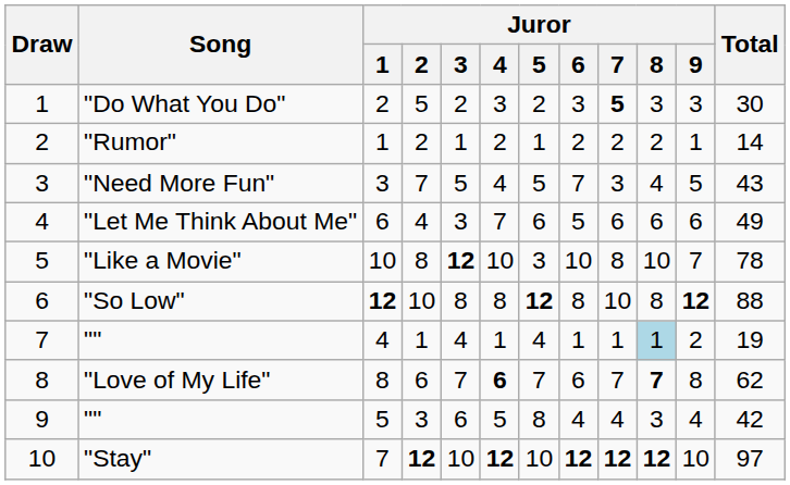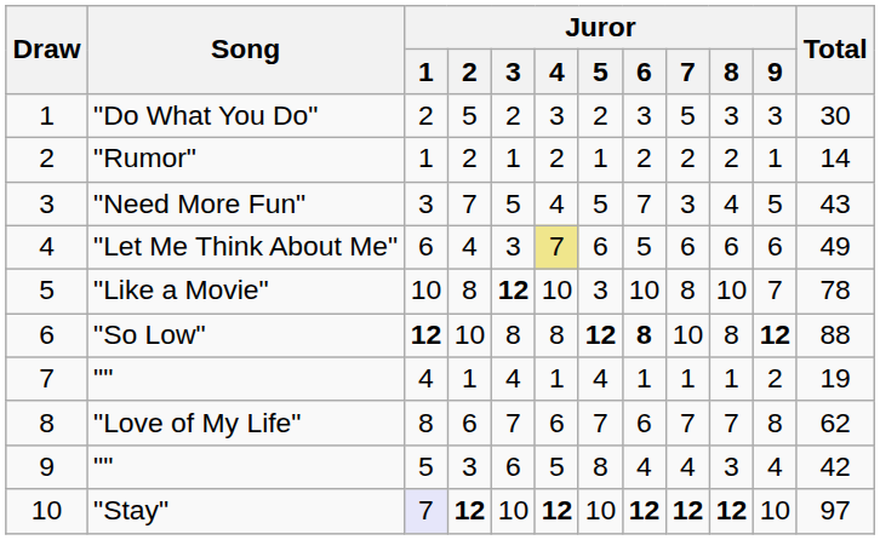 <table class="wikitable collapsible" style="margin: 1em auto 1em auto; text-align:center;">
 <tr>
 <th rowspan="2">Draw</th>
 <th rowspan="2">Song</th>
 <th colspan="9">Juror</th>
 <th rowspan="2">Total</th>
 </tr>
 <tr>
 <th>1</th>
 <th>2</th>
 <th>3</th>
 <th>4</th>
 <th>5</th>
 <th>6</th>
 <th>7</th>
 <th>8</th>
 <th>9</th>
 </tr>
 <tr>
 <td>1</td>
 <td align="left">"Do What You Do"</td>
 <td>2</td>
 <td>5</td>
 <td>2</td>
 <td>3</td>
 <td>2</td>
 <td>3</td>
-<td><strong>5</strong></td>
+<td>5</td>
 <td>3</td>
 <td>3</td>
 <td>30</td>
 </tr>
 <tr>
 <td>2</td>
 <td align="left">"Rumor"</td>
 <td>1</td>
 <td>2</td>
 <td>1</td>
 <td>2</td>
 <td>1</td>
 <td>2</td>
 <td>2</td>
 <td>2</td>
 <td>1</td>
 <td>14</td>
 </tr>
 <tr>
 <td>3</td>
 <td align="left">"Need More Fun"</td>
 <td>3</td>
 <td>7</td>
 <td>5</td>
 <td>4</td>
 <td>5</td>
 <td>7</td>
 <td>3</td>
 <td>4</td>
 <td>5</td>
 <td>43</td>
 </tr>
 <tr>
 <td>4</td>
 <td align="left">"Let Me Think About Me"</td>
 <td>6</td>
 <td>4</td>
 <td>3</td>
-<td>7</td>
+<td style="background: khaki;">7</td>
 <td>6</td>
 <td>5</td>
 <td>6</td>
 <td>6</td>
 <td>6</td>
 <td>49</td>
 </tr>
 <tr>
 <td>5</td>
 <td align="left">"Like a Movie"</td>
 <td>10</td>
 <td>8</td>
 <td><strong>12</strong></td>
 <td>10</td>
 <td>3</td>
 <td>10</td>
 <td>8</td>
 <td>10</td>
 <td>7</td>
 <td>78</td>
 </tr>
 <tr>
 <td>6</td>
 <td align="left">"So Low"</td>
 <td><strong>12</strong></td>
 <td>10</td>
 <td>8</td>
 <td>8</td>
 <td><strong>12</strong></td>
-<td>8</td>
+<td><strong>8</strong></td>
 <td>10</td>
 <td>8</td>
 <td><strong>12</strong></td>
 <td>88</td>
 </tr>
 <tr>
 <td>7</td>
 <td align="left">""</td>
 <td>4</td>
 <td>1</td>
 <td>4</td>
 <td>1</td>
 <td>4</td>
 <td>1</td>
 <td>1</td>
-<td style="background: lightblue;">1</td>
+<td>1</td>
 <td>2</td>
 <td>19</td>
 </tr>
 <tr>
 <td>8</td>
 <td align="left">"Love of My Life"</td>
 <td>8</td>
 <td>6</td>
 <td>7</td>
-<td><strong>6</strong></td>
+<td>6</td>
 <td>7</td>
 <td>6</td>
 <td>7</td>
-<td><strong>7</strong></td>
+<td>7</td>
 <td>8</td>
 <td>62</td>
 </tr>
 <tr>
 <td>9</td>
 <td align="left">""</td>
 <td>5</td>
 <td>3</td>
 <td>6</td>
 <td>5</td>
 <td>8</td>
 <td>4</td>
 <td>4</td>
 <td>3</td>
 <td>4</td>
 <td>42</td>
 </tr>
 <tr>
 <td>10</td>
 <td align="left">"Stay"</td>
-<td>7</td>
+<td style="background: lavender;">7</td>
 <td><strong>12</strong></td>
 <td>10</td>
 <td><strong>12</strong></td>
 <td>10</td>
 <td><strong>12</strong></td>
 <td><strong>12</strong></td>
 <td><strong>12</strong></td>
 <td>10</td>
 <td>97</td>
 </tr>
 </table>
